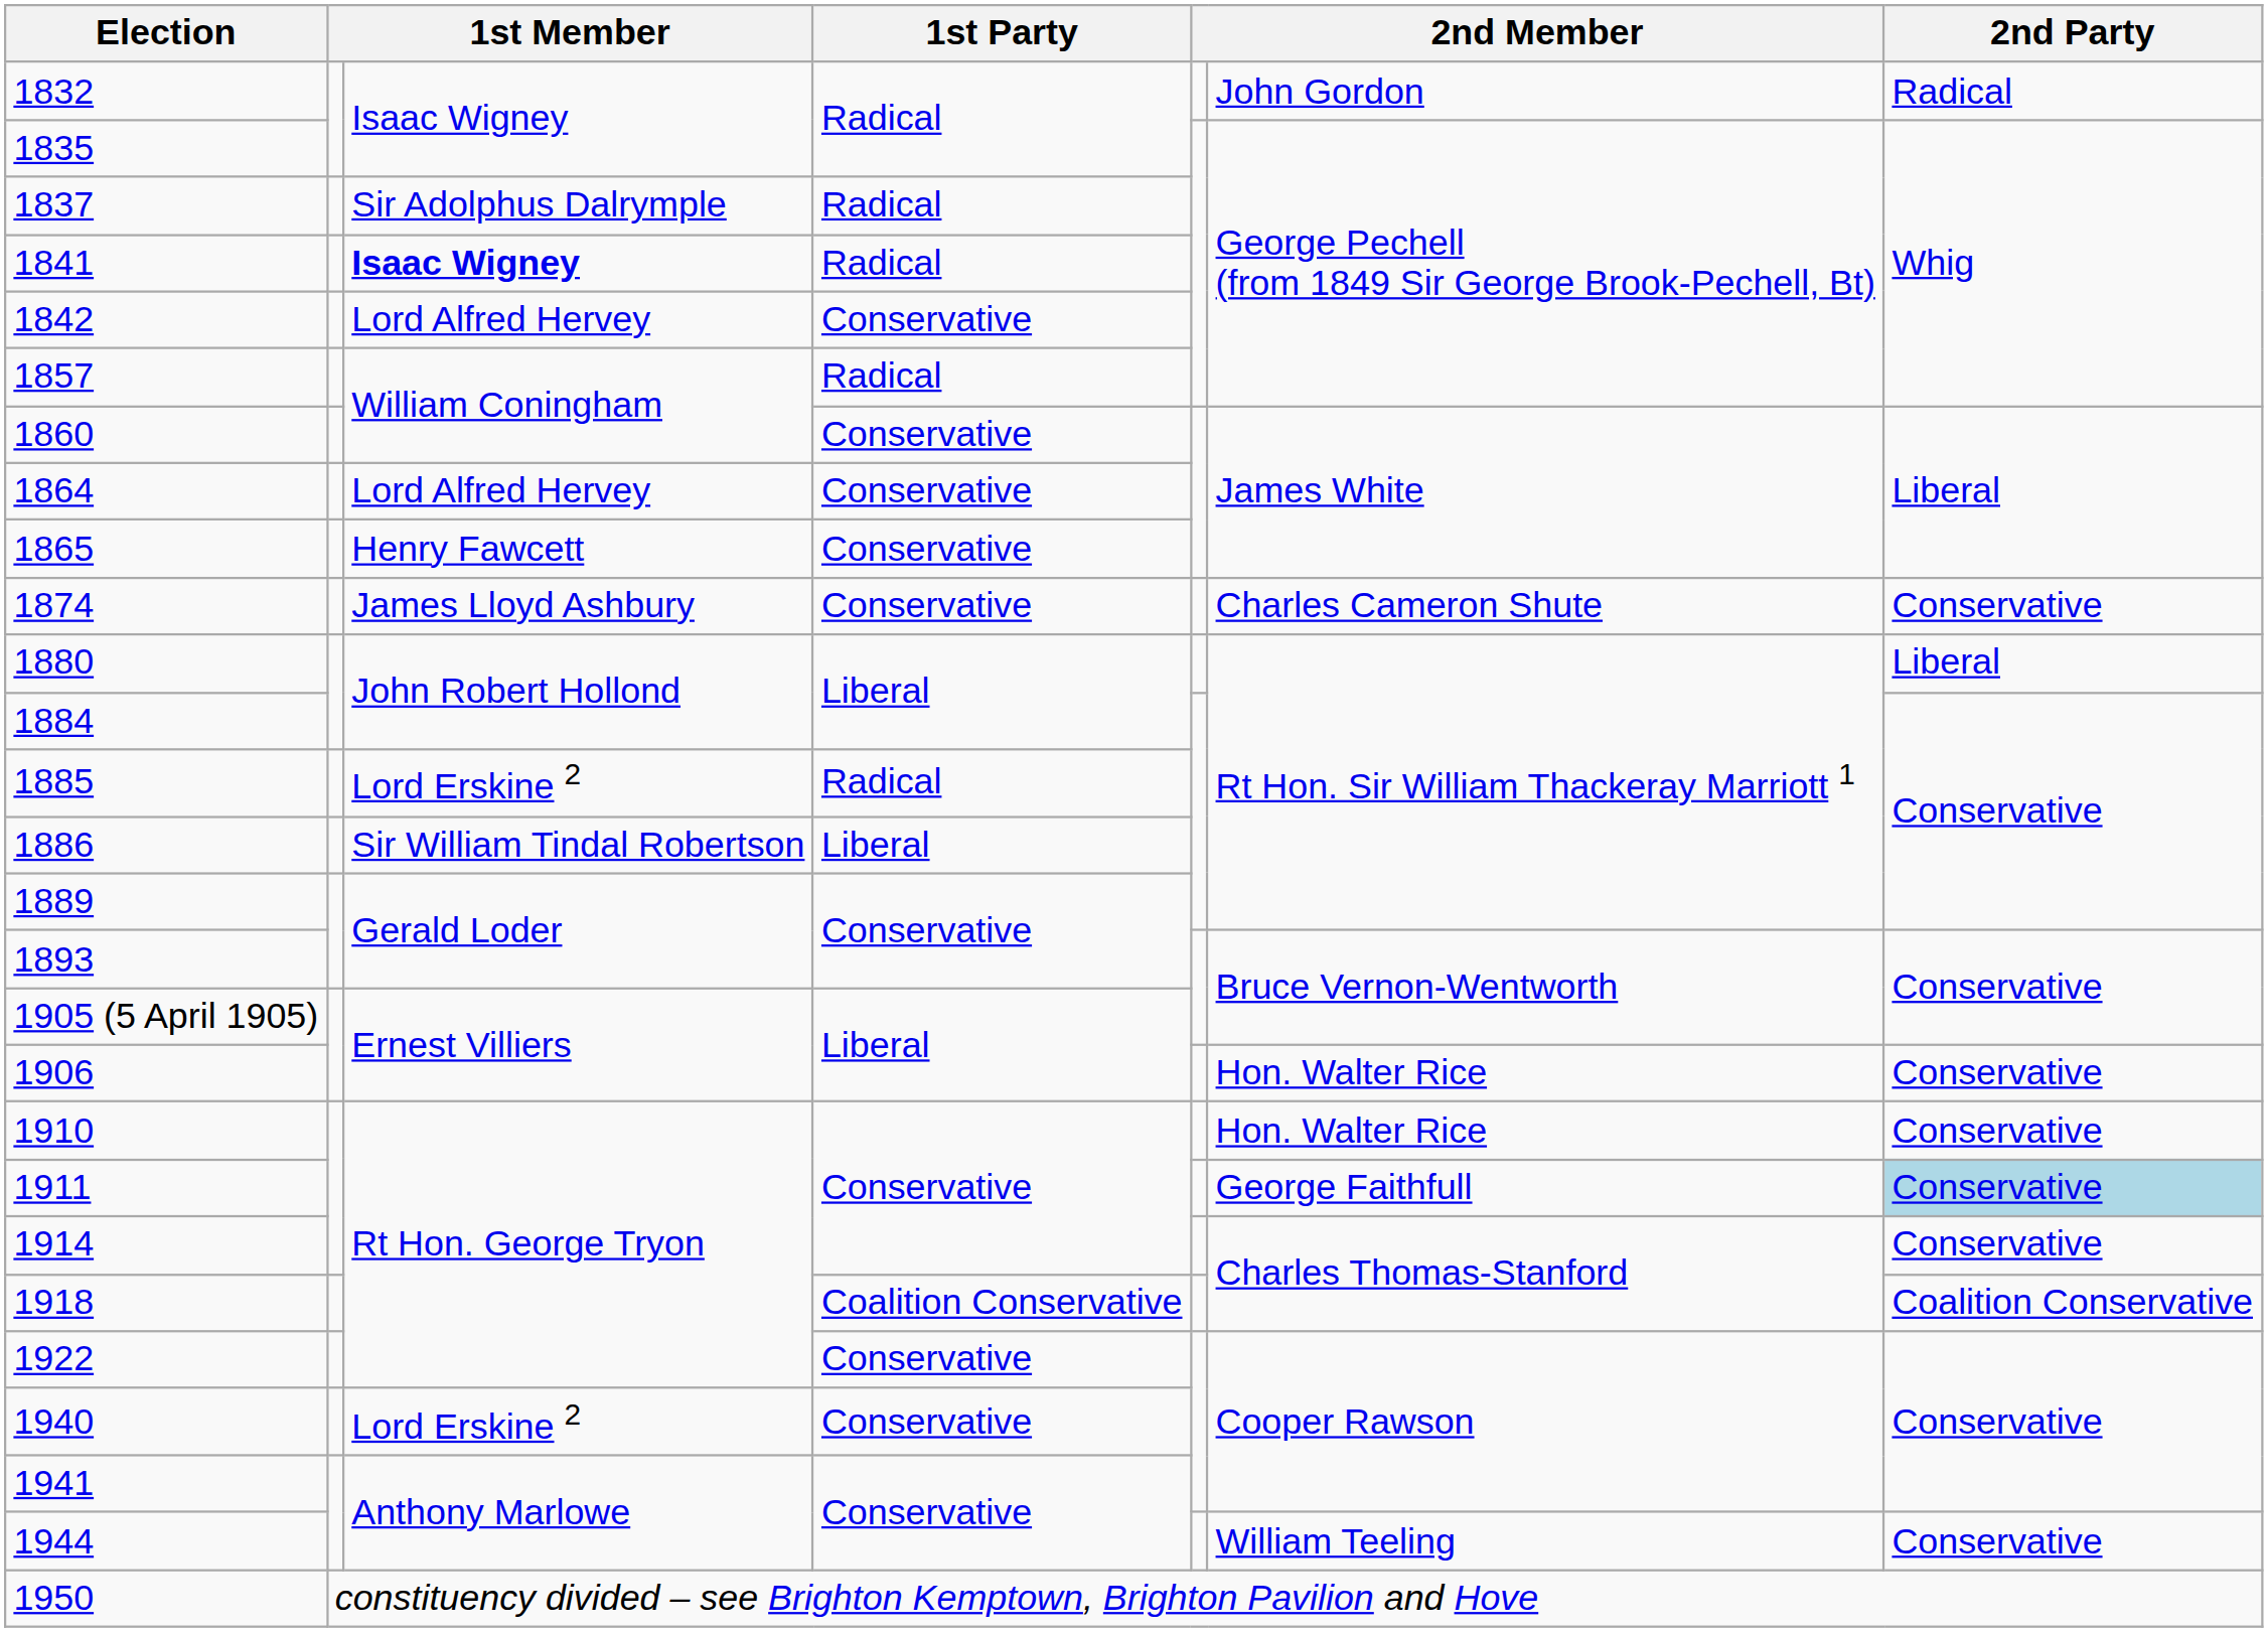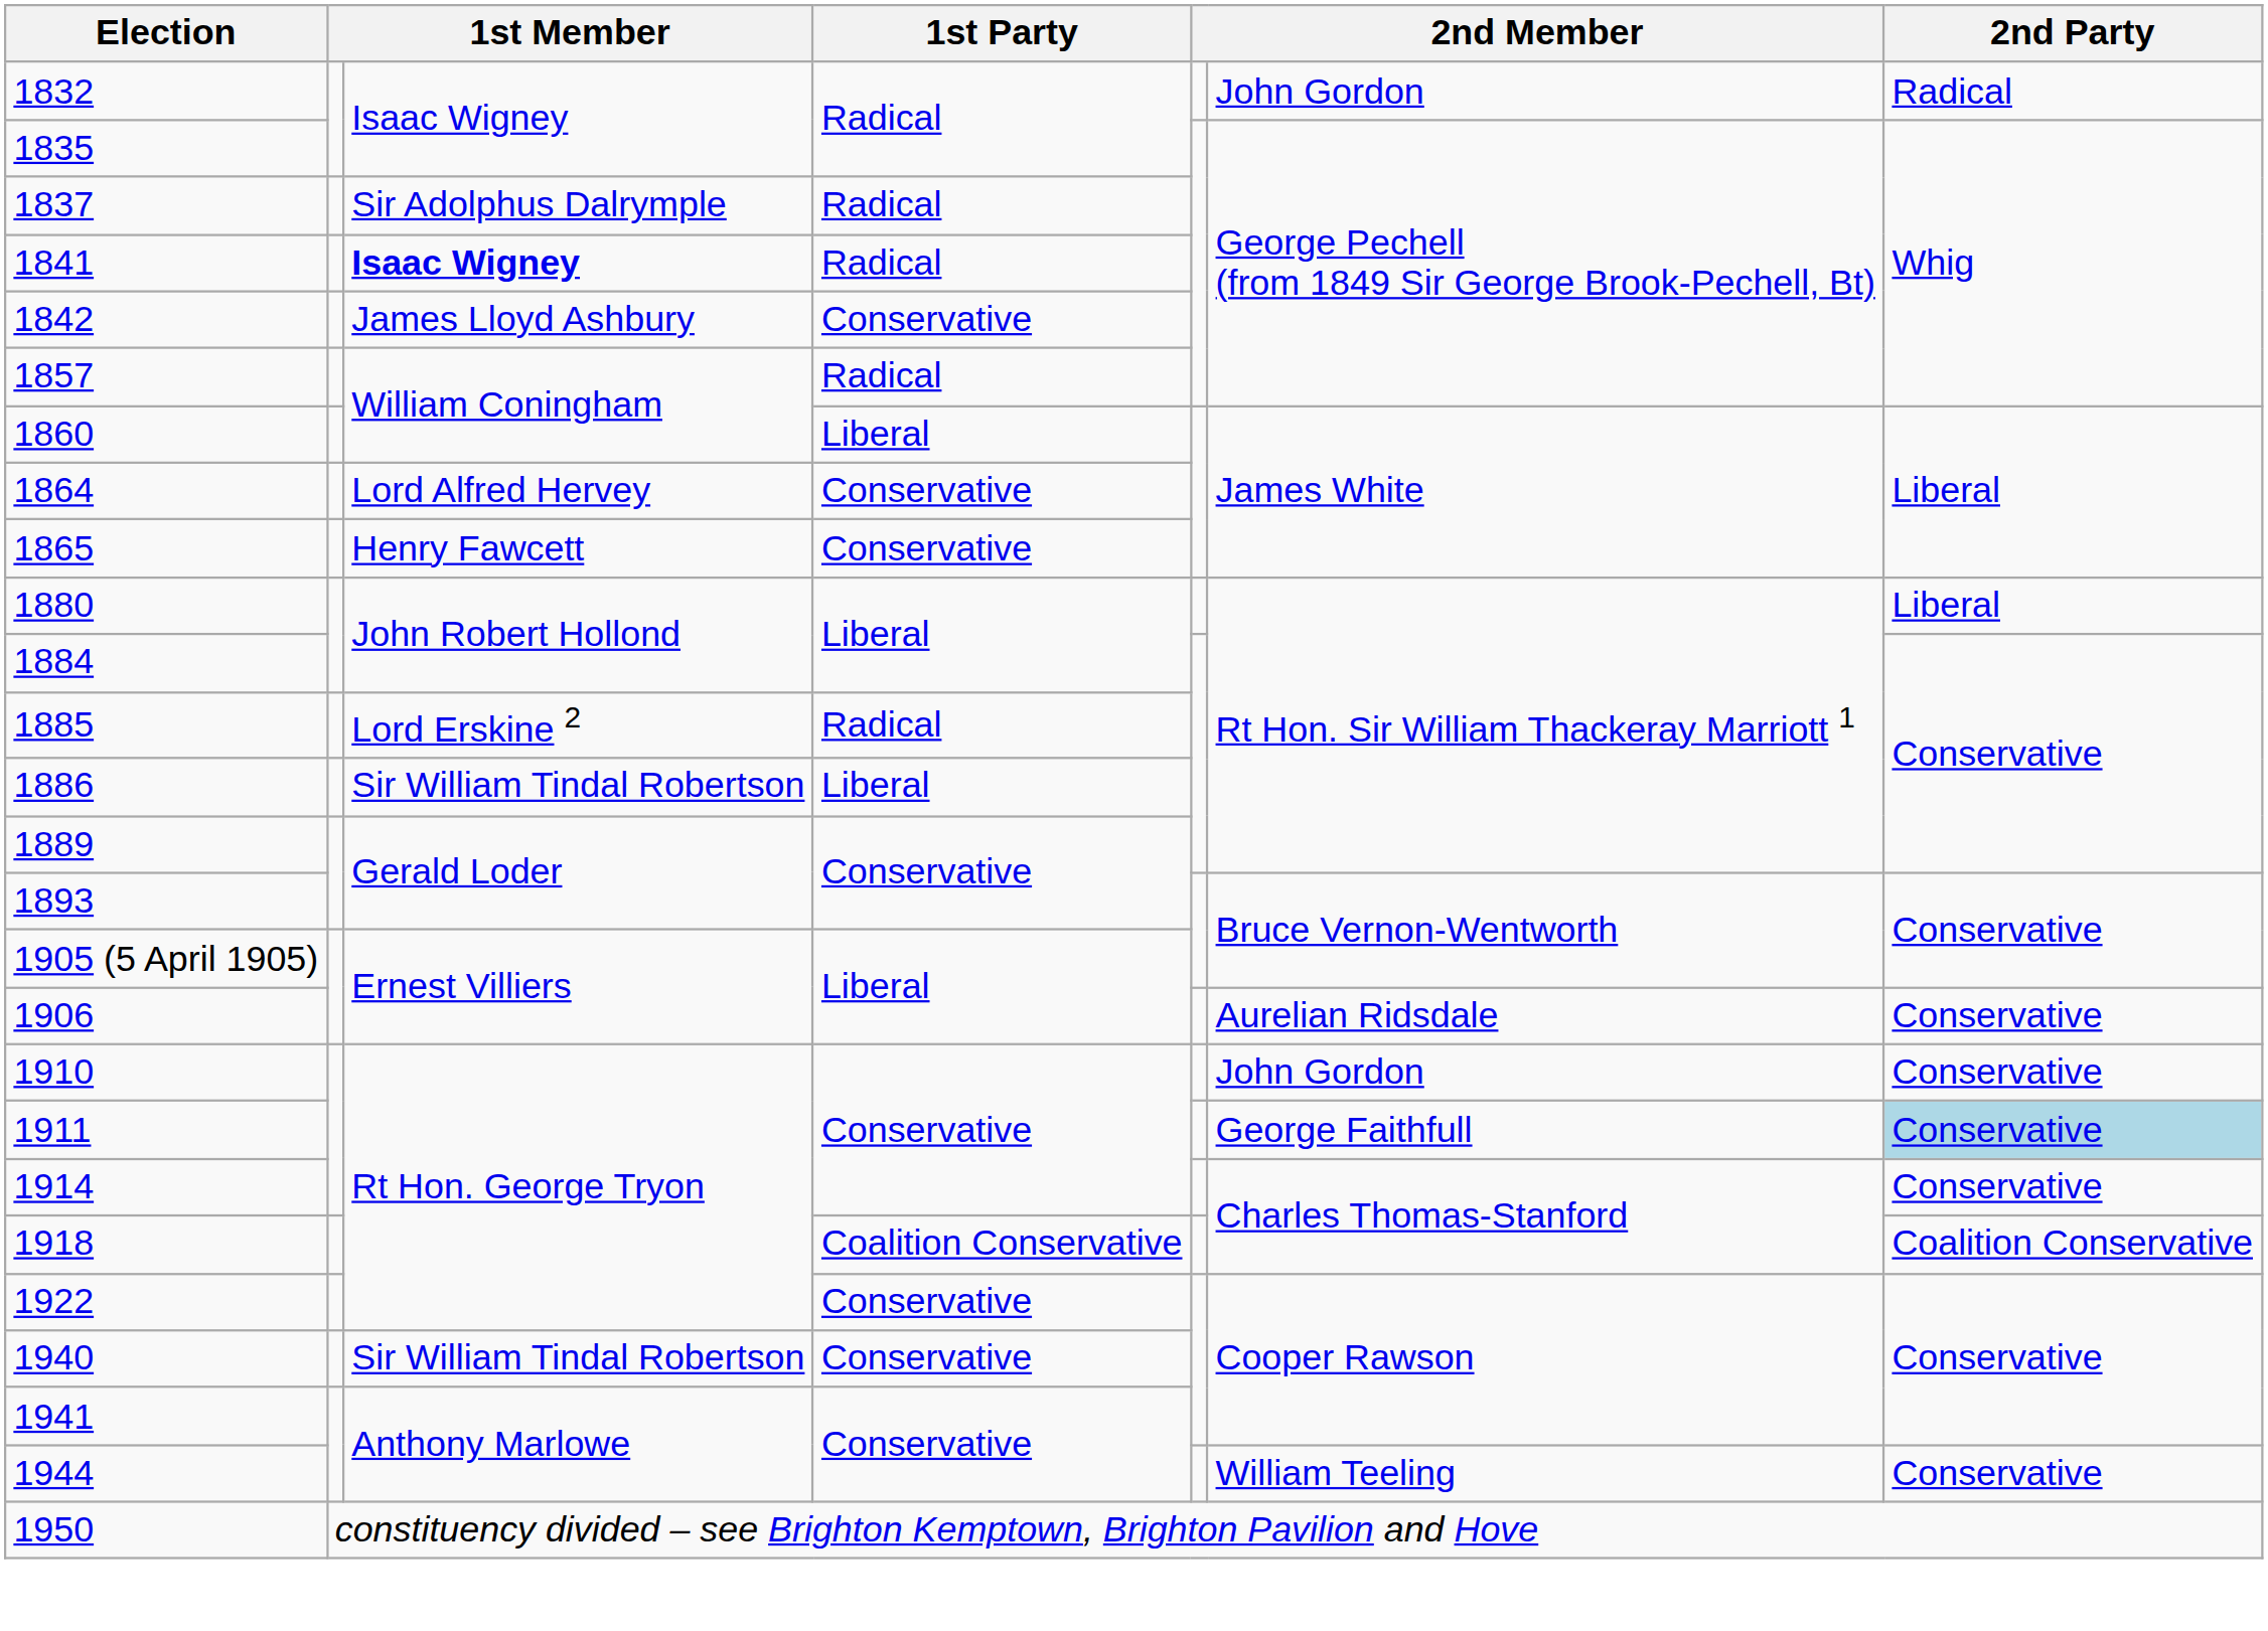 <table class="wikitable">
 <tr>
 <th>Election</th>
 <th colspan="2">1st Member</th>
 <th>1st Party</th>
 <th colspan="2">2nd Member</th>
 <th>2nd Party</th>
 </tr>
 <tr>
 <td><a href='#'>1832</a></td>
 <td rowspan="2" style="color:inherit;background-color: "></td>
 <td rowspan="2"><a href='#'>Isaac Wigney</a></td>
 <td rowspan="2"><a href='#'>Radical</a></td>
 <td style="color:inherit;background-color: "></td>
 <td><a href='#'>John Gordon</a></td>
 <td><a href='#'>Radical</a></td>
 </tr>
 <tr>
 <td><a href='#'>1835</a></td>
 <td rowspan="5" style="color:inherit;background-color: "></td>
 <td rowspan="5"><a href='#'>George Pechell<br>(from 1849 Sir George Brook-Pechell, Bt)</a></td>
 <td rowspan="5"><a href='#'>Whig</a></td>
 </tr>
 <tr>
 <td><a href='#'>1837</a></td>
 <td style="color:inherit;background-color: "></td>
 <td><a href='#'>Sir Adolphus Dalrymple</a></td>
 <td><a href='#'>Radical</a></td>
 </tr>
 <tr>
 <td><a href='#'>1841</a></td>
 <td style="color:inherit;background-color: "></td>
 <td><strong><a href='#'>Isaac Wigney</a></strong></td>
 <td><a href='#'>Radical</a></td>
 </tr>
 <tr>
 <td><a href='#'>1842</a></td>
 <td style="color:inherit;background-color: "></td>
-<td><a href='#'>Lord Alfred Hervey</a></td>
+<td><a href='#'>James Lloyd Ashbury</a></td>
 <td><a href='#'>Conservative</a></td>
 </tr>
 <tr>
 <td><a href='#'>1857</a></td>
 <td style="color:inherit;background-color: "></td>
 <td rowspan="2"><a href='#'>William Coningham</a></td>
 <td><a href='#'>Radical</a></td>
 </tr>
 <tr>
 <td><a href='#'>1860</a></td>
 <td style="color:inherit;background-color: "></td>
-<td><a href='#'>Conservative</a></td>
+<td><a href='#'>Liberal</a></td>
 <td rowspan="3" style="color:inherit;background-color: "></td>
 <td rowspan="3"><a href='#'>James White</a></td>
 <td rowspan="3"><a href='#'>Liberal</a></td>
 </tr>
 <tr>
 <td><a href='#'>1864</a></td>
 <td style="color:inherit;background-color: "></td>
 <td><a href='#'>Lord Alfred Hervey</a></td>
 <td><a href='#'>Conservative</a></td>
 </tr>
 <tr>
 <td><a href='#'>1865</a></td>
 <td style="color:inherit;background-color: "></td>
 <td><a href='#'>Henry Fawcett</a></td>
-<td><a href='#'>Conservative</a></td>
-</tr>
-<tr>
-<td><a href='#'>1874</a></td>
-<td style="color:inherit;background-color: "></td>
-<td><a href='#'>James Lloyd Ashbury</a></td>
-<td><a href='#'>Conservative</a></td>
-<td style="color:inherit;background-color: "></td>
-<td><a href='#'>Charles Cameron Shute</a></td>
 <td><a href='#'>Conservative</a></td>
 </tr>
 <tr>
 <td><a href='#'>1880</a></td>
 <td rowspan="2" style="color:inherit;background-color: "></td>
 <td rowspan="2"><a href='#'>John Robert Hollond</a></td>
 <td rowspan="2"><a href='#'>Liberal</a></td>
 <td style="color:inherit;background-color: "></td>
 <td rowspan="5"><a href='#'>Rt Hon. Sir William Thackeray Marriott</a> <sup>1</sup></td>
 <td><a href='#'>Liberal</a></td>
 </tr>
 <tr>
 <td><a href='#'>1884</a></td>
 <td rowspan="4" style="color:inherit;background-color: "></td>
 <td rowspan="4"><a href='#'>Conservative</a></td>
 </tr>
 <tr>
 <td><a href='#'>1885</a></td>
 <td style="color:inherit;background-color: "></td>
 <td><a href='#'>Lord Erskine</a> <sup>2</sup></td>
 <td><a href='#'>Radical</a></td>
 </tr>
 <tr>
 <td><a href='#'>1886</a></td>
 <td style="color:inherit;background-color: "></td>
 <td><a href='#'>Sir William Tindal Robertson</a></td>
 <td><a href='#'>Liberal</a></td>
 </tr>
 <tr>
 <td><a href='#'>1889</a></td>
 <td rowspan="2" style="color:inherit;background-color: "></td>
 <td rowspan="2"><a href='#'>Gerald Loder</a></td>
 <td rowspan="2"><a href='#'>Conservative</a></td>
 </tr>
 <tr>
 <td><a href='#'>1893</a></td>
 <td rowspan="2" style="color:inherit;background-color: "></td>
 <td rowspan="2"><a href='#'>Bruce Vernon-Wentworth</a></td>
 <td rowspan="2"><a href='#'>Conservative</a></td>
 </tr>
 <tr>
 <td><a href='#'>1905</a> (5 April 1905)</td>
 <td rowspan="2" style="color:inherit;background-color: "></td>
 <td rowspan="2"><a href='#'>Ernest Villiers</a></td>
 <td rowspan="2"><a href='#'>Liberal</a></td>
 </tr>
 <tr>
 <td><a href='#'>1906</a></td>
 <td style="color:inherit;background-color: "></td>
-<td><a href='#'>Hon. Walter Rice</a></td>
+<td><a href='#'>Aurelian Ridsdale</a></td>
 <td><a href='#'>Conservative</a></td>
 </tr>
 <tr>
 <td><a href='#'>1910</a></td>
 <td rowspan="3" style="color:inherit;background-color: "></td>
 <td rowspan="5"><a href='#'>Rt Hon. George Tryon</a></td>
 <td rowspan="3"><a href='#'>Conservative</a></td>
 <td style="color:inherit;background-color: "></td>
-<td><a href='#'>Hon. Walter Rice</a></td>
+<td><a href='#'>John Gordon</a></td>
 <td><a href='#'>Conservative</a></td>
 </tr>
 <tr>
 <td><a href='#'>1911</a></td>
 <td style="color:inherit;background-color: "></td>
 <td><a href='#'>George Faithfull</a></td>
 <td style="background: lightblue;"><a href='#'>Conservative</a></td>
 </tr>
 <tr>
 <td><a href='#'>1914</a></td>
 <td style="color:inherit;background-color: "></td>
 <td rowspan="2"><a href='#'>Charles Thomas-Stanford</a></td>
 <td><a href='#'>Conservative</a></td>
 </tr>
 <tr>
 <td><a href='#'>1918</a></td>
 <td style="color:inherit;background-color: "></td>
 <td><a href='#'>Coalition Conservative</a></td>
 <td style="color:inherit;background-color: "></td>
 <td><a href='#'>Coalition Conservative</a></td>
 </tr>
 <tr>
 <td><a href='#'>1922</a></td>
 <td style="color:inherit;background-color: "></td>
 <td><a href='#'>Conservative</a></td>
 <td rowspan="3" style="color:inherit;background-color: "></td>
 <td rowspan="3"><a href='#'>Cooper Rawson</a></td>
 <td rowspan="3"><a href='#'>Conservative</a></td>
 </tr>
 <tr>
 <td><a href='#'>1940</a></td>
 <td style="color:inherit;background-color: "></td>
-<td><a href='#'>Lord Erskine</a> <sup>2</sup></td>
+<td><a href='#'>Sir William Tindal Robertson</a></td>
 <td><a href='#'>Conservative</a></td>
 </tr>
 <tr>
 <td><a href='#'>1941</a></td>
 <td rowspan="2" style="color:inherit;background-color: "></td>
 <td rowspan="2"><a href='#'>Anthony Marlowe</a></td>
 <td rowspan="2"><a href='#'>Conservative</a></td>
 </tr>
 <tr>
 <td><a href='#'>1944</a></td>
 <td style="color:inherit;background-color: "></td>
 <td><a href='#'>William Teeling</a></td>
 <td><a href='#'>Conservative</a></td>
 </tr>
 <tr>
 <td><a href='#'>1950</a></td>
 <td colspan="6"><em>constituency divided – see <a href='#'>Brighton Kemptown</a>, <a href='#'>Brighton Pavilion</a> and <a href='#'>Hove</a></em></td>
 </tr>
 </table>
